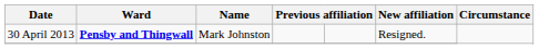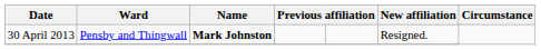 <table class="wikitable" style="font-size: 95%;">
 <tr>
 <th>Date</th>
 <th>Ward</th>
 <th>Name</th>
 <th colspan="2">Previous affiliation</th>
 <th colspan="2">New affiliation</th>
 <th>Circumstance</th>
 </tr>
 <tr>
 <td>30 April 2013</td>
-<td><strong><a href='#'>Pensby and Thingwall</a></strong></td>
-<td>Mark Johnston</td>
+<td><a href='#'>Pensby and Thingwall</a></td>
+<td><strong>Mark Johnston</strong></td>
 <td></td>
 <td></td>
 <td>Resigned.</td>
 </tr>
 <tr>
 </tr>
 </table>
